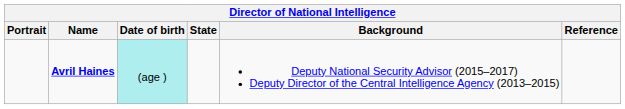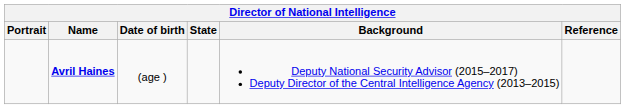 <table class="wikitable collapsible" style="text-align:center;">
 <tr>
 <th colspan="6"><a href='#'>Director of National Intelligence</a></th>
 </tr>
 <tr>
 <th>Portrait</th>
 <th>Name</th>
 <th>Date of birth</th>
 <th>State</th>
 <th>Background</th>
 <th>Reference</th>
 </tr>
 <tr>
 <td></td>
 <td><strong><a href='#'>Avril Haines</a></strong></td>
-<td style="background: paleturquoise;"><br>(age )</td>
+<td><br>(age )</td>
 <td></td>
 <td><br><ul><li><a href='#'>Deputy National Security Advisor</a> (2015–2017)</li><li><a href='#'>Deputy Director of the Central Intelligence Agency</a> (2013–2015)</li></ul></td>
 <td></td>
 </tr>
 </table>
